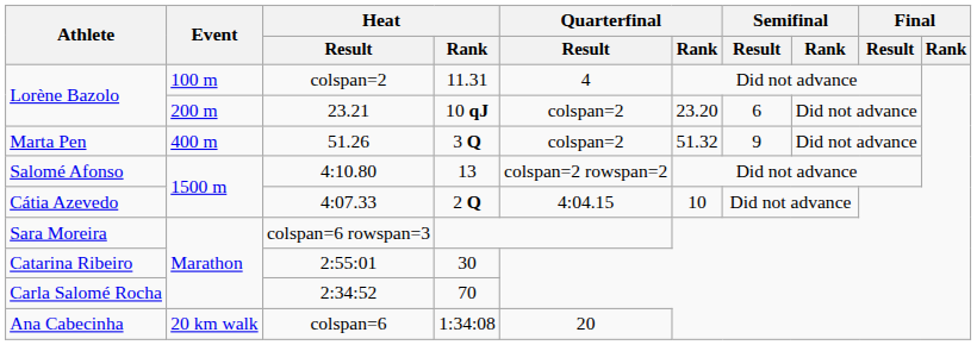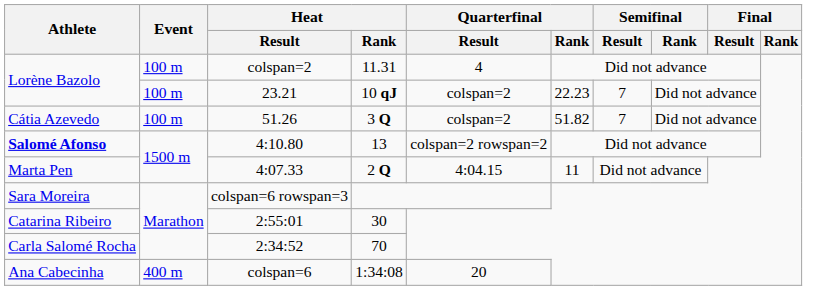 <table class="wikitable" style="font-size:90%">
 <tr>
 <th rowspan="2">Athlete</th>
 <th rowspan="2">Event</th>
 <th colspan="2">Heat</th>
 <th colspan="2">Quarterfinal</th>
 <th colspan="2">Semifinal</th>
 <th colspan="2">Final</th>
 </tr>
 <tr style="font-size:95%">
 <th>Result</th>
 <th>Rank</th>
 <th>Result</th>
 <th>Rank</th>
 <th>Result</th>
 <th>Rank</th>
 <th>Result</th>
 <th>Rank</th>
 </tr>
 <tr align=center>
 <td align=left rowspan=2><a href='#'>Lorène Bazolo</a></td>
 <td align=left><a href='#'>100 m</a></td>
 <td>colspan=2 </td>
 <td>11.31</td>
 <td>4</td>
 <td colspan=4>Did not advance</td>
 </tr>
 <tr align=center>
-<td align=left><a href='#'>200 m</a></td>
+<td align=left><a href='#'>100 m</a></td>
 <td>23.21</td>
 <td>10 <strong>qJ</strong></td>
 <td>colspan=2 </td>
-<td>23.20</td>
-<td>6</td>
+<td>22.23</td>
+<td>7</td>
 <td colspan=2>Did not advance</td>
 </tr>
 <tr align=center>
-<td align=left><a href='#'>Marta Pen</a></td>
-<td align=left><a href='#'>400 m</a></td>
+<td align=left><a href='#'>Cátia Azevedo</a></td>
+<td align=left><a href='#'>100 m</a></td>
 <td>51.26</td>
 <td>3 <strong>Q</strong></td>
 <td>colspan=2 </td>
-<td>51.32</td>
-<td>9</td>
+<td>51.82</td>
+<td>7</td>
 <td colspan=2>Did not advance</td>
 </tr>
 <tr align=center>
-<td align=left><a href='#'>Salomé Afonso</a></td>
+<td align=left><strong><a href='#'>Salomé Afonso</a></strong></td>
 <td align=left rowspan=2><a href='#'>1500 m</a></td>
 <td>4:10.80</td>
 <td>13</td>
 <td>colspan=2 rowspan=2 </td>
 <td colspan=4>Did not advance</td>
 </tr>
 <tr align=center>
-<td align=left><a href='#'>Cátia Azevedo</a></td>
+<td align=left><a href='#'>Marta Pen</a></td>
 <td>4:07.33</td>
 <td>2 <strong>Q</strong></td>
 <td>4:04.15</td>
-<td>10</td>
+<td>11</td>
 <td colspan=2>Did not advance</td>
 </tr>
 <tr align=center>
 <td align=left><a href='#'>Sara Moreira</a></td>
 <td align=left rowspan=3><a href='#'>Marathon</a></td>
 <td>colspan=6 rowspan=3 </td>
 <td colspan=2></td>
 </tr>
 <tr align=center>
 <td align=left><a href='#'>Catarina Ribeiro</a></td>
 <td>2:55:01</td>
 <td>30</td>
 </tr>
 <tr align=center>
 <td align=left><a href='#'>Carla Salomé Rocha</a></td>
 <td>2:34:52</td>
 <td>70</td>
 </tr>
 <tr align=center>
 <td align=left><a href='#'>Ana Cabecinha</a></td>
-<td align=left><a href='#'>20 km walk</a></td>
+<td align=left><a href='#'>400 m</a></td>
 <td>colspan=6 </td>
 <td>1:34:08</td>
 <td>20</td>
 </tr>
 </table>
